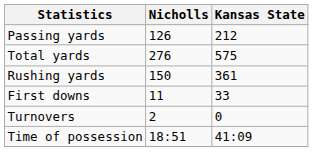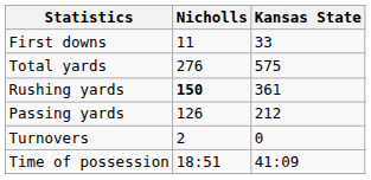 <table class="wikitable">
 <tr>
 <th>Statistics</th>
 <th>Nicholls</th>
 <th>Kansas State</th>
 </tr>
 <tr>
-<td>Passing yards</td>
-<td>126</td>
-<td>212</td>
+<td>First downs</td>
+<td>11</td>
+<td>33</td>
 </tr>
 <tr>
 <td>Total yards</td>
 <td>276</td>
 <td>575</td>
 </tr>
 <tr>
 <td>Rushing yards</td>
-<td>150</td>
+<td><strong>150</strong></td>
 <td>361</td>
 </tr>
 <tr>
-<td>First downs</td>
-<td>11</td>
-<td>33</td>
+<td>Passing yards</td>
+<td>126</td>
+<td>212</td>
 </tr>
 <tr>
 <td>Turnovers</td>
 <td>2</td>
 <td>0</td>
 </tr>
 <tr>
 <td>Time of possession</td>
 <td>18:51</td>
 <td>41:09</td>
 </tr>
 <tr>
 </tr>
 </table>
